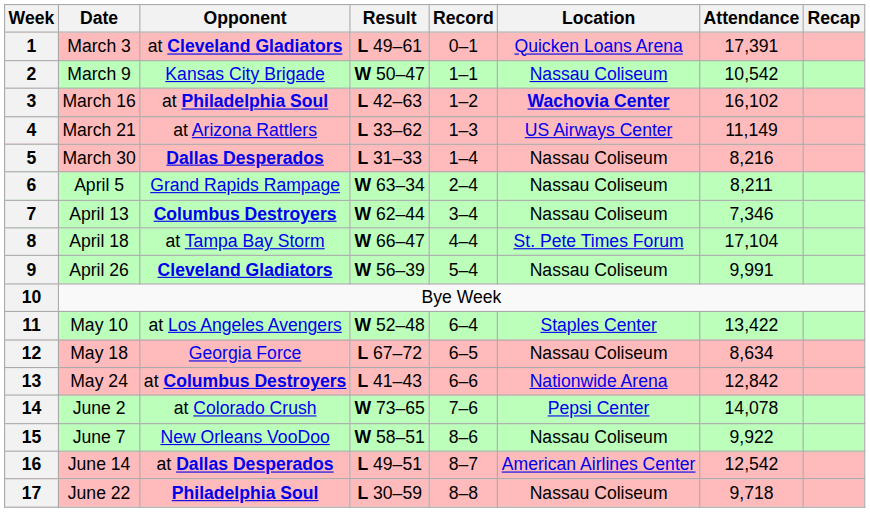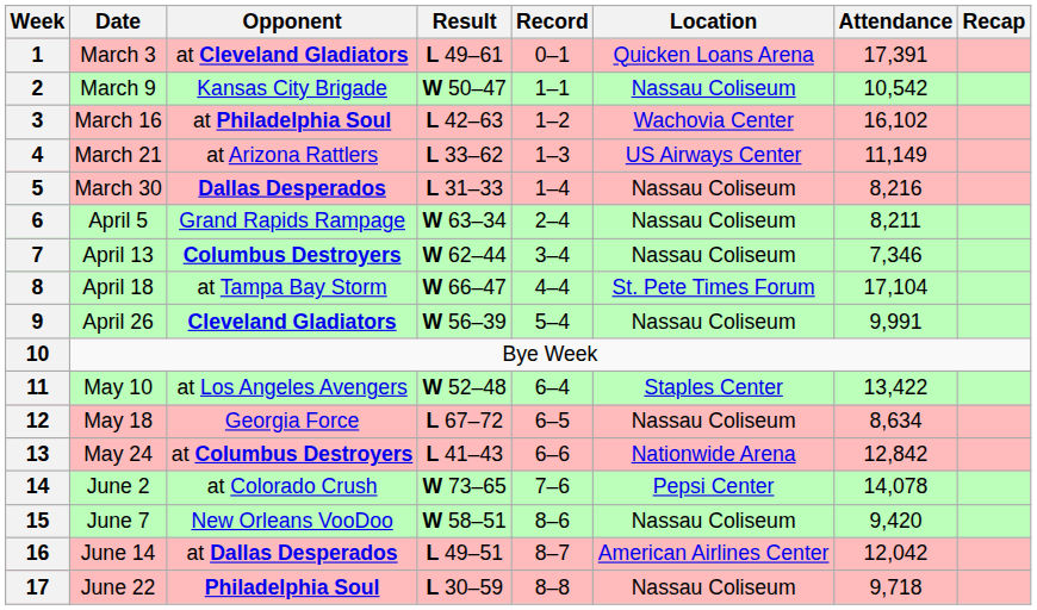 <table class="wikitable" style="text-align:center">
 <tr>
 <th>Week</th>
 <th>Date</th>
 <th>Opponent</th>
 <th>Result</th>
 <th>Record</th>
 <th>Location</th>
 <th>Attendance</th>
 <th>Recap</th>
 </tr>
 <tr bgcolor="#ffbbbb">
 <th>1</th>
 <td>March 3</td>
 <td>at <strong><a href='#'>Cleveland Gladiators</a></strong></td>
 <td><strong>L</strong> 49–61</td>
 <td>0–1</td>
 <td><a href='#'>Quicken Loans Arena</a></td>
 <td>17,391</td>
 <td></td>
 </tr>
 <tr bgcolor="#bbffbb">
 <th>2</th>
 <td>March 9</td>
 <td><a href='#'>Kansas City Brigade</a></td>
 <td><strong>W</strong> 50–47</td>
 <td>1–1</td>
 <td><a href='#'>Nassau Coliseum</a></td>
 <td>10,542</td>
 <td></td>
 </tr>
 <tr bgcolor="#ffbbbb">
 <th>3</th>
 <td>March 16</td>
 <td>at <strong><a href='#'>Philadelphia Soul</a></strong></td>
 <td><strong>L</strong> 42–63</td>
 <td>1–2</td>
-<td><strong><a href='#'>Wachovia Center</a></strong></td>
+<td><a href='#'>Wachovia Center</a></td>
 <td>16,102</td>
 <td></td>
 </tr>
 <tr bgcolor="#ffbbbb">
 <th>4</th>
 <td>March 21</td>
 <td>at <a href='#'>Arizona Rattlers</a></td>
 <td><strong>L</strong> 33–62</td>
 <td>1–3</td>
 <td><a href='#'>US Airways Center</a></td>
 <td>11,149</td>
 <td></td>
 </tr>
 <tr bgcolor="#ffbbbb">
 <th>5</th>
 <td>March 30</td>
 <td><strong><a href='#'>Dallas Desperados</a></strong></td>
 <td><strong>L</strong> 31–33</td>
 <td>1–4</td>
 <td>Nassau Coliseum</td>
 <td>8,216</td>
 <td></td>
 </tr>
 <tr bgcolor="#bbffbb">
 <th>6</th>
 <td>April 5</td>
 <td><a href='#'>Grand Rapids Rampage</a></td>
 <td><strong>W</strong> 63–34</td>
 <td>2–4</td>
 <td>Nassau Coliseum</td>
 <td>8,211</td>
 <td></td>
 </tr>
 <tr bgcolor="#bbffbb">
 <th>7</th>
 <td>April 13</td>
 <td><strong><a href='#'>Columbus Destroyers</a></strong></td>
 <td><strong>W</strong> 62–44</td>
 <td>3–4</td>
 <td>Nassau Coliseum</td>
 <td>7,346</td>
 <td></td>
 </tr>
 <tr bgcolor="#bbffbb">
 <th>8</th>
 <td>April 18</td>
 <td>at <a href='#'>Tampa Bay Storm</a></td>
 <td><strong>W</strong> 66–47</td>
 <td>4–4</td>
 <td><a href='#'>St. Pete Times Forum</a></td>
 <td>17,104</td>
 <td></td>
 </tr>
 <tr bgcolor="#bbffbb">
 <th>9</th>
 <td>April 26</td>
 <td><strong><a href='#'>Cleveland Gladiators</a></strong></td>
 <td><strong>W</strong> 56–39</td>
 <td>5–4</td>
 <td>Nassau Coliseum</td>
 <td>9,991</td>
 <td></td>
 </tr>
 <tr>
 <th>10</th>
 <td colspan=7>Bye Week</td>
 </tr>
 <tr bgcolor="#bbffbb">
 <th>11</th>
 <td>May 10</td>
 <td>at <a href='#'>Los Angeles Avengers</a></td>
 <td><strong>W</strong> 52–48</td>
 <td>6–4</td>
 <td><a href='#'>Staples Center</a></td>
 <td>13,422</td>
 <td></td>
 </tr>
 <tr bgcolor="#ffbbbb">
 <th>12</th>
 <td>May 18</td>
 <td><a href='#'>Georgia Force</a></td>
 <td><strong>L</strong> 67–72</td>
 <td>6–5</td>
 <td>Nassau Coliseum</td>
 <td>8,634</td>
 <td></td>
 </tr>
 <tr bgcolor="#ffbbbb">
 <th>13</th>
 <td>May 24</td>
 <td>at <strong><a href='#'>Columbus Destroyers</a></strong></td>
 <td><strong>L</strong> 41–43</td>
 <td>6–6</td>
 <td><a href='#'>Nationwide Arena</a></td>
 <td>12,842</td>
 <td></td>
 </tr>
 <tr bgcolor="#bbffbb">
 <th>14</th>
 <td>June 2</td>
 <td>at <a href='#'>Colorado Crush</a></td>
 <td><strong>W</strong> 73–65</td>
 <td>7–6</td>
 <td><a href='#'>Pepsi Center</a></td>
 <td>14,078</td>
 <td></td>
 </tr>
 <tr bgcolor="#bbffbb">
 <th>15</th>
 <td>June 7</td>
 <td><a href='#'>New Orleans VooDoo</a></td>
 <td><strong>W</strong> 58–51</td>
 <td>8–6</td>
 <td>Nassau Coliseum</td>
-<td>9,922</td>
+<td>9,420</td>
 <td></td>
 </tr>
 <tr bgcolor="#ffbbbb">
 <th>16</th>
 <td>June 14</td>
 <td>at <strong><a href='#'>Dallas Desperados</a></strong></td>
 <td><strong>L</strong> 49–51</td>
 <td>8–7</td>
 <td><a href='#'>American Airlines Center</a></td>
-<td>12,542</td>
+<td>12,042</td>
 <td></td>
 </tr>
 <tr bgcolor="#ffbbbb">
 <th>17</th>
 <td>June 22</td>
 <td><strong><a href='#'>Philadelphia Soul</a></strong></td>
 <td><strong>L</strong> 30–59</td>
 <td>8–8</td>
 <td>Nassau Coliseum</td>
 <td>9,718</td>
 <td></td>
 </tr>
 </table>
